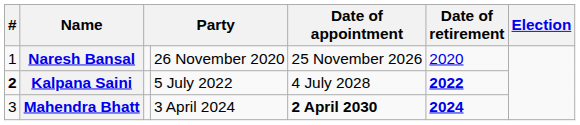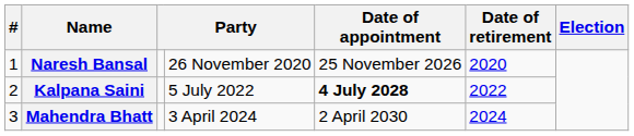 <table class="wikitable sortable">
 <tr>
 <th>#</th>
 <th>Name</th>
 <th colspan="2">Party</th>
 <th>Date of<br>appointment</th>
 <th>Date of<br>retirement</th>
 <th><a href='#'>Election</a></th>
 </tr>
 <tr>
 <td>1</td>
 <th><a href='#'>Naresh Bansal</a></th>
 <td></td>
 <td>26 November 2020</td>
 <td>25 November 2026</td>
 <td><a href='#'>2020</a></td>
 </tr>
 <tr>
-<td><strong>2</strong></td>
+<td>2</td>
 <th><a href='#'>Kalpana Saini</a></th>
 <td></td>
 <td>5 July 2022</td>
-<td>4 July 2028</td>
-<td><strong><a href='#'>2022</a></strong></td>
+<td><strong>4 July 2028</strong></td>
+<td><a href='#'>2022</a></td>
 </tr>
 <tr>
 <td>3</td>
 <th><a href='#'>Mahendra Bhatt</a></th>
 <td></td>
 <td>3 April 2024</td>
-<td><strong>2 April 2030</strong></td>
-<td><strong><a href='#'>2024</a></strong></td>
+<td>2 April 2030</td>
+<td><a href='#'>2024</a></td>
 </tr>
 </table>
